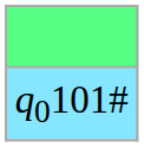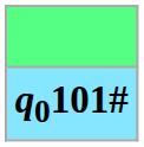 <table class="wikitable" style="text-align:center;">
 <tr>
 <td bgcolor="#55FF83" width="40"> </td>
 </tr>
 <tr>
-<td bgcolor="#87E6FF" width="40"><em>q</em><sub>0</sub>101#</td>
+<td bgcolor="#87E6FF" width="40"><strong><em>q</em><sub>0</sub>101#</strong></td>
 </tr>
 </table>
